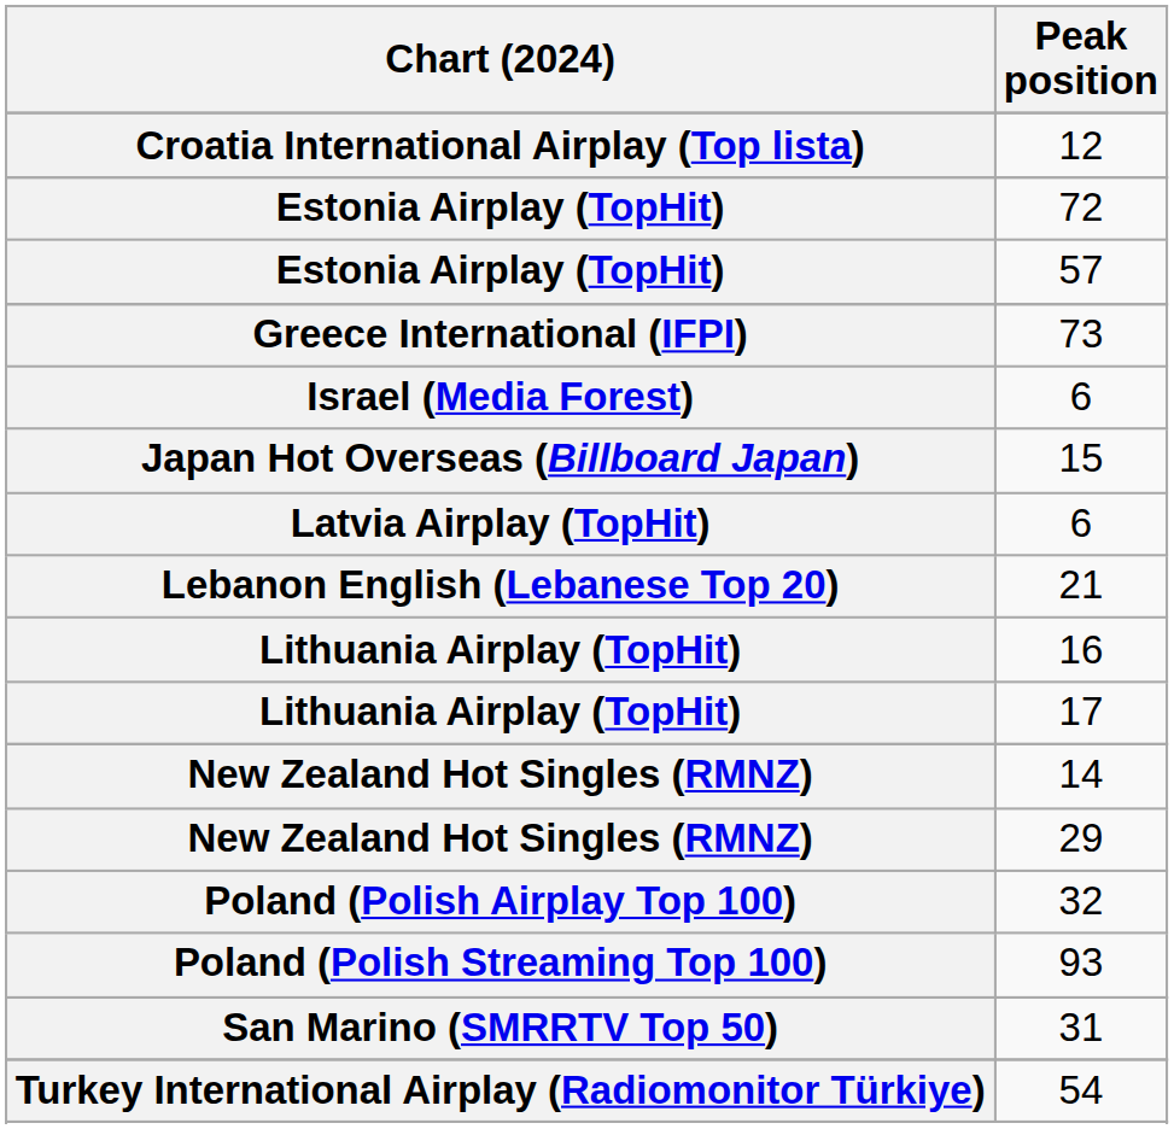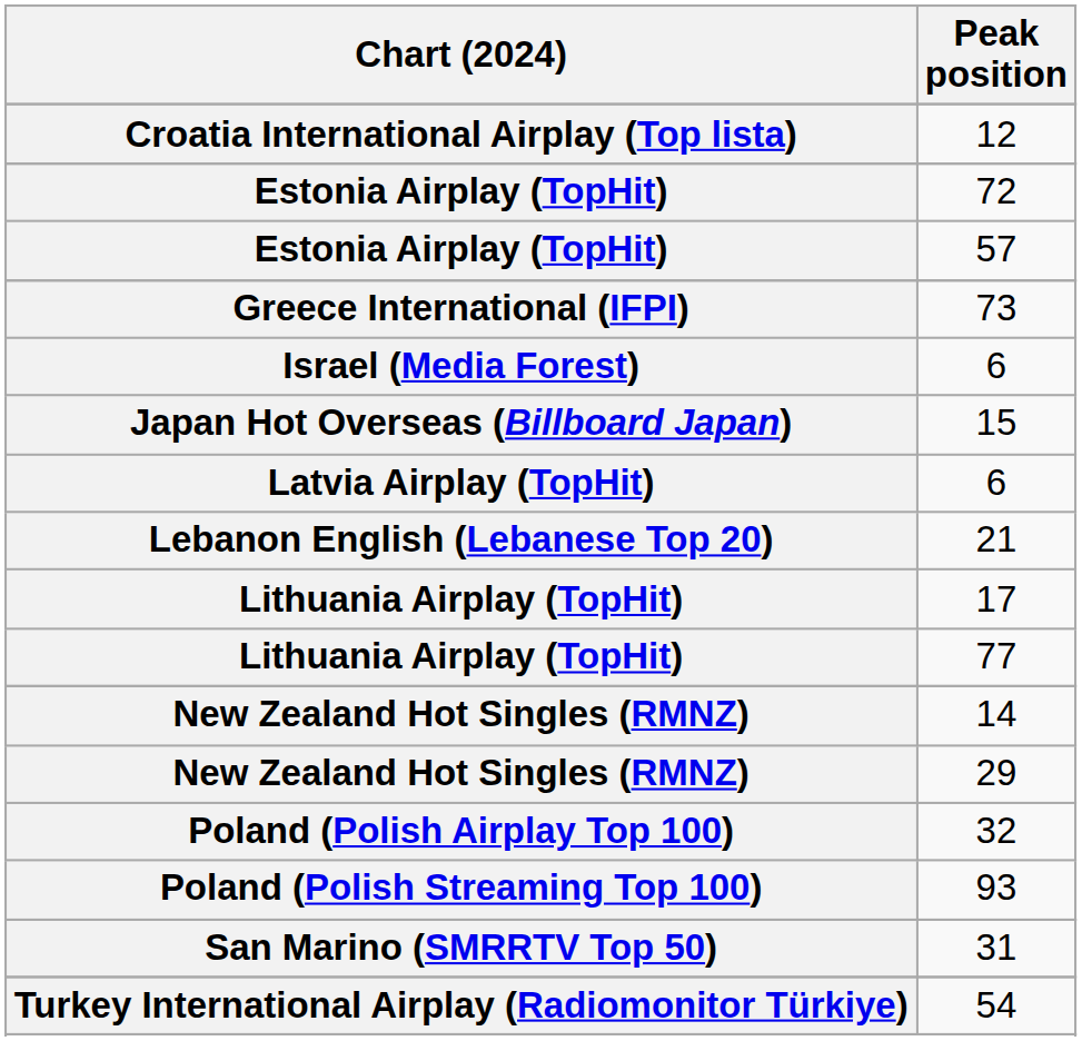 <table class="wikitable sortable plainrowheaders" style="text-align:center">
 <tr>
 <th scope="col">Chart (2024)</th>
 <th scope="col">Peak<br>position</th>
 </tr>
 <tr>
 </tr>
 <tr>
 </tr>
 <tr>
 </tr>
 <tr>
 </tr>
 <tr>
 <th scope="row">Croatia International Airplay (<a href='#'>Top lista</a>)</th>
 <td>12</td>
 </tr>
 <tr>
 </tr>
 <tr>
 </tr>
 <tr>
 <th scope="row">Estonia Airplay (<a href='#'>TopHit</a>)</th>
 <td>72</td>
 </tr>
 <tr>
 <th scope="row">Estonia Airplay (<a href='#'>TopHit</a>)<br></th>
 <td>57</td>
 </tr>
 <tr>
 </tr>
 <tr>
 </tr>
 <tr>
 <th scope="row">Greece International (<a href='#'>IFPI</a>)</th>
 <td>73</td>
 </tr>
 <tr>
 <th scope="row">Israel (<a href='#'>Media Forest</a>)</th>
 <td>6</td>
 </tr>
 <tr>
 <th scope="row">Japan Hot Overseas (<em><a href='#'>Billboard Japan</a></em>)</th>
 <td>15</td>
 </tr>
 <tr>
 <th scope="row">Latvia Airplay (<a href='#'>TopHit</a>)</th>
 <td>6</td>
 </tr>
 <tr>
 <th scope="row">Lebanon English (<a href='#'>Lebanese Top 20</a>)</th>
 <td>21</td>
 </tr>
 <tr>
 <th scope="row">Lithuania Airplay (<a href='#'>TopHit</a>)</th>
-<td>16</td>
+<td>17</td>
 </tr>
 <tr>
 <th scope="row">Lithuania Airplay (<a href='#'>TopHit</a>)<br></th>
-<td>17</td>
+<td>77</td>
 </tr>
 <tr>
 </tr>
 <tr>
 <th scope="row">New Zealand Hot Singles (<a href='#'>RMNZ</a>)</th>
 <td>14</td>
 </tr>
 <tr>
 <th scope="row">New Zealand Hot Singles (<a href='#'>RMNZ</a>)<br></th>
 <td>29</td>
 </tr>
 <tr>
 <th scope="row">Poland (<a href='#'>Polish Airplay Top 100</a>)</th>
 <td>32</td>
 </tr>
 <tr>
 <th scope="row">Poland (<a href='#'>Polish Streaming Top 100</a>)</th>
 <td>93</td>
 </tr>
 <tr>
 </tr>
 <tr>
 <th scope="row">San Marino (<a href='#'>SMRRTV Top 50</a>)</th>
 <td>31</td>
 </tr>
 <tr>
 </tr>
 <tr>
 </tr>
 <tr>
 </tr>
 <tr>
 <th scope="row">Turkey International Airplay (<a href='#'>Radiomonitor Türkiye</a>)</th>
 <td>54</td>
 </tr>
 <tr>
 </tr>
 <tr>
 </tr>
 <tr>
 </tr>
 <tr>
 </tr>
 <tr>
 </tr>
 </table>
